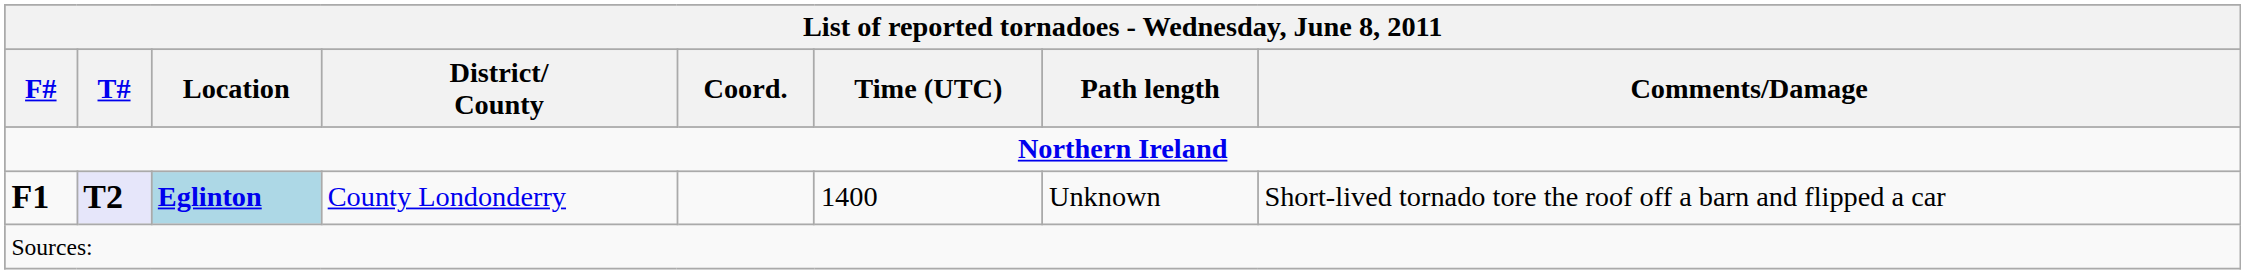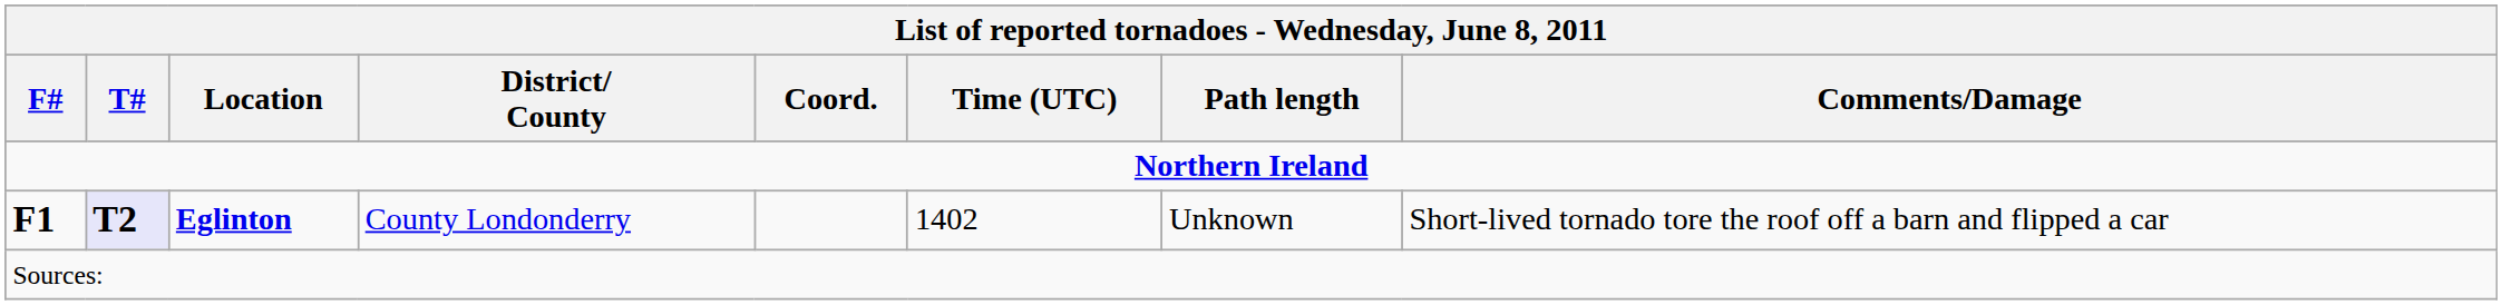 <table class="wikitable collapsible" width="100%">
 <tr>
 <th colspan="8">List of reported tornadoes - Wednesday, June 8, 2011</th>
 </tr>
 <tr>
 <th><a href='#'>F#</a></th>
 <th><a href='#'>T#</a></th>
 <th>Location</th>
 <th>District/<br>County</th>
 <th>Coord.</th>
 <th>Time (UTC)</th>
 <th>Path length</th>
 <th>Comments/Damage</th>
 </tr>
 <tr>
 <td colspan="8" align=center><strong><a href='#'>Northern Ireland</a></strong></td>
 </tr>
 <tr>
 <td><big><strong>F1</strong></big></td>
 <td style="background: lavender;"><big><strong>T2</strong></big></td>
-<td style="background: lightblue;"><strong><a href='#'>Eglinton</a></strong></td>
+<td><strong><a href='#'>Eglinton</a></strong></td>
 <td><a href='#'>County Londonderry</a></td>
 <td></td>
-<td>1400</td>
+<td>1402</td>
 <td>Unknown</td>
 <td>Short-lived tornado tore the roof off a barn and flipped a car</td>
 </tr>
 <tr>
 <td colspan="8"><small>Sources:  </small></td>
 </tr>
 </table>
